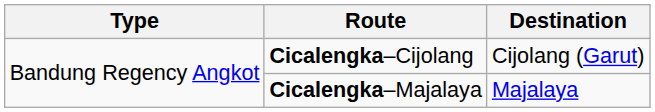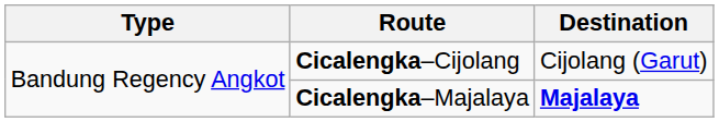 <table class="wikitable">
 <tr>
 <th>Type</th>
 <th>Route</th>
 <th>Destination</th>
 </tr>
 <tr>
 <td rowspan="2">Bandung Regency <a href='#'>Angkot</a></td>
 <td><strong>Cicalengka</strong>–Cijolang</td>
 <td>Cijolang (<a href='#'>Garut</a>)</td>
 </tr>
 <tr>
 <td><strong>Cicalengka</strong>–Majalaya</td>
-<td><a href='#'>Majalaya</a></td>
+<td><strong><a href='#'>Majalaya</a></strong></td>
 </tr>
 </table>
